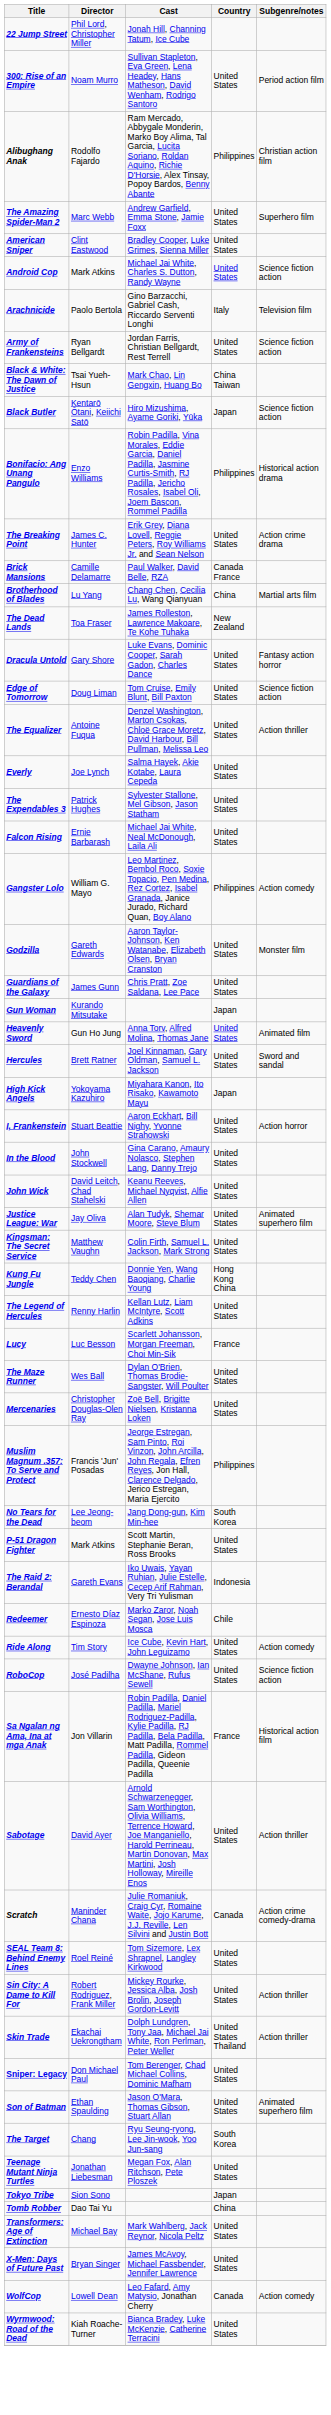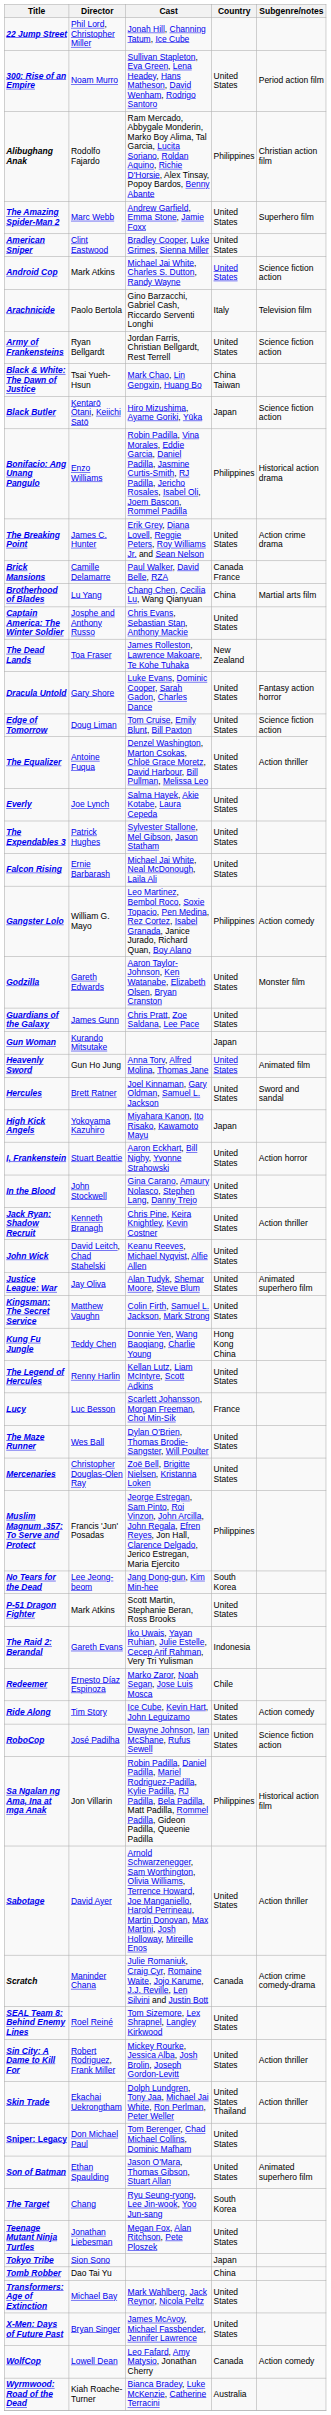 <table class="wikitable sortable">
 <tr>
 <th>Title</th>
 <th>Director</th>
 <th>Cast</th>
 <th>Country</th>
 <th>Subgenre/notes</th>
 </tr>
 <tr>
 <td><strong><em><a href='#'>22 Jump Street</a></em></strong></td>
 <td><a href='#'>Phil Lord</a>, <a href='#'>Christopher Miller</a></td>
 <td><a href='#'>Jonah Hill</a>, <a href='#'>Channing Tatum</a>, <a href='#'>Ice Cube</a></td>
 <td></td>
 <td></td>
 </tr>
 <tr>
 <td><strong><em><a href='#'>300: Rise of an Empire</a></em></strong></td>
 <td><a href='#'>Noam Murro</a></td>
 <td><a href='#'>Sullivan Stapleton</a>, <a href='#'>Eva Green</a>, <a href='#'>Lena Headey</a>, <a href='#'>Hans Matheson</a>, <a href='#'>David Wenham</a>, <a href='#'>Rodrigo Santoro</a></td>
 <td>United States</td>
 <td>Period action film</td>
 </tr>
 <tr>
 <td><strong><em>Alibughang Anak</em></strong></td>
 <td>Rodolfo Fajardo</td>
 <td>Ram Mercado, Abbygale Monderin, Marko Boy Alima, Tal Garcia, <a href='#'>Lucita Soriano</a>, <a href='#'>Roldan Aquino</a>, <a href='#'>Richie D'Horsie</a>, Alex Tinsay, Popoy Bardos, <a href='#'>Benny Abante</a></td>
 <td>Philippines</td>
 <td>Christian action film</td>
 </tr>
 <tr>
 <td><strong><em><a href='#'>The Amazing Spider-Man 2</a></em></strong></td>
 <td><a href='#'>Marc Webb</a></td>
 <td><a href='#'>Andrew Garfield</a>, <a href='#'>Emma Stone</a>, <a href='#'>Jamie Foxx</a></td>
 <td>United States</td>
 <td>Superhero film</td>
 </tr>
 <tr>
 <td><strong><em><a href='#'>American Sniper</a></em></strong></td>
 <td><a href='#'>Clint Eastwood</a></td>
 <td><a href='#'>Bradley Cooper</a>, <a href='#'>Luke Grimes</a>, <a href='#'>Sienna Miller</a></td>
 <td>United States</td>
 <td></td>
 </tr>
 <tr>
 <td><strong><em><a href='#'>Android Cop</a></em></strong></td>
 <td>Mark Atkins</td>
 <td><a href='#'>Michael Jai White</a>, <a href='#'>Charles S. Dutton</a>, <a href='#'>Randy Wayne</a></td>
 <td><a href='#'>United States</a></td>
 <td>Science fiction action</td>
 </tr>
 <tr>
 <td><strong><em><a href='#'>Arachnicide</a></em></strong></td>
 <td>Paolo Bertola</td>
 <td>Gino Barzacchi, Gabriel Cash, Riccardo Serventi Longhi</td>
 <td>Italy</td>
 <td>Television film</td>
 </tr>
 <tr>
 <td><strong><em><a href='#'>Army of Frankensteins</a></em></strong></td>
 <td>Ryan Bellgardt</td>
 <td>Jordan Farris, Christian Bellgardt, Rest Terrell</td>
 <td>United States</td>
 <td>Science fiction action</td>
 </tr>
 <tr>
 <td><strong><em><a href='#'>Black & White: The Dawn of Justice</a></em></strong></td>
 <td>Tsai Yueh-Hsun</td>
 <td><a href='#'>Mark Chao</a>, <a href='#'>Lin Gengxin</a>, <a href='#'>Huang Bo</a></td>
 <td>China<br>Taiwan</td>
 <td></td>
 </tr>
 <tr>
 <td><strong><em><a href='#'>Black Butler</a></em></strong></td>
 <td><a href='#'>Kentarō Ōtani</a>, <a href='#'>Keiichi Satō</a></td>
 <td><a href='#'>Hiro Mizushima</a>, <a href='#'>Ayame Goriki</a>, <a href='#'>Yūka</a></td>
 <td>Japan</td>
 <td>Science fiction action</td>
 </tr>
 <tr>
 <td><strong><em><a href='#'>Bonifacio: Ang Unang Pangulo</a></em></strong></td>
 <td><a href='#'>Enzo Williams</a></td>
 <td><a href='#'>Robin Padilla</a>, <a href='#'>Vina Morales</a>, <a href='#'>Eddie Garcia</a>, <a href='#'>Daniel Padilla</a>, <a href='#'>Jasmine Curtis-Smith</a>, <a href='#'>RJ Padilla</a>, <a href='#'>Jericho Rosales</a>, <a href='#'>Isabel Oli</a>, <a href='#'>Joem Bascon</a>, <a href='#'>Rommel Padilla</a></td>
 <td>Philippines</td>
 <td>Historical action drama</td>
 </tr>
 <tr>
 <td><strong><em><a href='#'>The Breaking Point</a></em></strong></td>
 <td><a href='#'>James C. Hunter</a></td>
 <td><a href='#'>Erik Grey</a>, <a href='#'>Diana Lovell</a>, <a href='#'>Reggie Peters</a>, <a href='#'>Roy Williams Jr.</a> and <a href='#'>Sean Nelson</a></td>
 <td>United States</td>
 <td>Action crime drama</td>
 </tr>
 <tr>
 <td><strong><em><a href='#'>Brick Mansions</a></em></strong></td>
 <td><a href='#'>Camille Delamarre</a></td>
 <td><a href='#'>Paul Walker</a>, <a href='#'>David Belle</a>, <a href='#'>RZA</a></td>
 <td>Canada<br>France</td>
 <td></td>
 </tr>
 <tr>
 <td><strong><em><a href='#'>Brotherhood of Blades</a></em></strong></td>
 <td><a href='#'>Lu Yang</a></td>
 <td><a href='#'>Chang Chen</a>, <a href='#'>Cecilia Lu</a>, Wang Qianyuan</td>
 <td>China</td>
 <td>Martial arts film</td>
+</tr>
+<tr>
+<td><strong><em><a href='#'>Captain America: The Winter Soldier</a></em></strong></td>
+<td><a href='#'>Josphe and Anthony Russo</a></td>
+<td><a href='#'>Chris Evans</a>, <a href='#'>Sebastian Stan</a>, <a href='#'>Anthony Mackie</a></td>
+<td>United States</td>
+<td></td>
 </tr>
 <tr>
 <td><strong><em><a href='#'>The Dead Lands</a></em></strong></td>
 <td><a href='#'>Toa Fraser</a></td>
 <td><a href='#'>James Rolleston</a>, <a href='#'>Lawrence Makoare</a>, <a href='#'>Te Kohe Tuhaka</a></td>
 <td>New Zealand</td>
 <td></td>
 </tr>
 <tr>
 <td><strong><em><a href='#'>Dracula Untold</a></em></strong></td>
 <td><a href='#'>Gary Shore</a></td>
 <td><a href='#'>Luke Evans</a>, <a href='#'>Dominic Cooper</a>, <a href='#'>Sarah Gadon</a>, <a href='#'>Charles Dance</a></td>
 <td>United States</td>
 <td>Fantasy action horror</td>
 </tr>
 <tr>
 <td><strong><em><a href='#'>Edge of Tomorrow</a></em></strong></td>
 <td><a href='#'>Doug Liman</a></td>
 <td><a href='#'>Tom Cruise</a>, <a href='#'>Emily Blunt</a>, <a href='#'>Bill Paxton</a></td>
 <td>United States</td>
 <td>Science fiction action</td>
 </tr>
 <tr>
 <td><strong><em><a href='#'>The Equalizer</a></em></strong></td>
 <td><a href='#'>Antoine Fuqua</a></td>
 <td><a href='#'>Denzel Washington</a>, <a href='#'>Marton Csokas</a>, <a href='#'>Chloë Grace Moretz</a>, <a href='#'>David Harbour</a>, <a href='#'>Bill Pullman</a>, <a href='#'>Melissa Leo</a></td>
 <td>United States</td>
 <td>Action thriller</td>
 </tr>
 <tr>
 <td><strong><em><a href='#'>Everly</a></em></strong></td>
 <td><a href='#'>Joe Lynch</a></td>
 <td><a href='#'>Salma Hayek</a>, <a href='#'>Akie Kotabe</a>, <a href='#'>Laura Cepeda</a></td>
 <td>United States</td>
 <td></td>
 </tr>
 <tr>
 <td><strong><em><a href='#'>The Expendables 3</a></em></strong></td>
 <td><a href='#'>Patrick Hughes</a></td>
 <td><a href='#'>Sylvester Stallone</a>, <a href='#'>Mel Gibson</a>, <a href='#'>Jason Statham</a></td>
 <td>United States</td>
 <td></td>
 </tr>
 <tr>
 <td><strong><em><a href='#'>Falcon Rising</a></em></strong></td>
 <td><a href='#'>Ernie Barbarash</a></td>
 <td><a href='#'>Michael Jai White</a>, <a href='#'>Neal McDonough</a>, <a href='#'>Laila Ali</a></td>
 <td>United States</td>
 <td></td>
 </tr>
 <tr>
 <td><strong><em><a href='#'>Gangster Lolo</a></em></strong></td>
 <td>William G. Mayo</td>
 <td><a href='#'>Leo Martinez</a>, <a href='#'>Bembol Roco</a>, <a href='#'>Soxie Topacio</a>, <a href='#'>Pen Medina</a>, <a href='#'>Rez Cortez</a>, <a href='#'>Isabel Granada</a>, Janice Jurado, Richard Quan, <a href='#'>Boy Alano</a></td>
 <td>Philippines</td>
 <td>Action comedy</td>
 </tr>
 <tr>
 <td><strong><em><a href='#'>Godzilla</a></em></strong></td>
 <td><a href='#'>Gareth Edwards</a></td>
 <td><a href='#'>Aaron Taylor-Johnson</a>, <a href='#'>Ken Watanabe</a>, <a href='#'>Elizabeth Olsen</a>, <a href='#'>Bryan Cranston</a></td>
 <td>United States</td>
 <td>Monster film</td>
 </tr>
 <tr>
 <td><strong><em><a href='#'>Guardians of the Galaxy</a></em></strong></td>
 <td><a href='#'>James Gunn</a></td>
 <td><a href='#'>Chris Pratt</a>, <a href='#'>Zoe Saldana</a>, <a href='#'>Lee Pace</a></td>
 <td>United States</td>
 <td></td>
 </tr>
 <tr>
 <td><strong><em><a href='#'>Gun Woman</a></em></strong></td>
 <td><a href='#'>Kurando Mitsutake</a></td>
 <td></td>
 <td>Japan</td>
 <td></td>
 </tr>
 <tr>
 <td><strong><em><a href='#'>Heavenly Sword</a></em></strong></td>
 <td>Gun Ho Jung</td>
 <td><a href='#'>Anna Torv</a>, <a href='#'>Alfred Molina</a>, <a href='#'>Thomas Jane</a></td>
 <td><a href='#'>United States</a></td>
 <td>Animated film</td>
 </tr>
 <tr>
 <td><strong><em><a href='#'>Hercules</a></em></strong></td>
 <td><a href='#'>Brett Ratner</a></td>
 <td><a href='#'>Joel Kinnaman</a>, <a href='#'>Gary Oldman</a>, <a href='#'>Samuel L. Jackson</a></td>
 <td>United States</td>
 <td>Sword and sandal</td>
 </tr>
 <tr>
 <td><strong><em><a href='#'>High Kick Angels</a></em></strong></td>
 <td><a href='#'>Yokoyama Kazuhiro</a></td>
 <td><a href='#'>Miyahara Kanon</a>, <a href='#'>Ito Risako</a>, <a href='#'>Kawamoto Mayu</a></td>
 <td>Japan</td>
 <td></td>
 </tr>
 <tr>
 <td><strong><em><a href='#'>I, Frankenstein</a></em></strong></td>
 <td><a href='#'>Stuart Beattie</a></td>
 <td><a href='#'>Aaron Eckhart</a>, <a href='#'>Bill Nighy</a>, <a href='#'>Yvonne Strahowski</a></td>
 <td>United States</td>
 <td>Action horror</td>
 </tr>
 <tr>
 <td><strong><em><a href='#'>In the Blood</a></em></strong></td>
 <td><a href='#'>John Stockwell</a></td>
 <td><a href='#'>Gina Carano</a>, <a href='#'>Amaury Nolasco</a>, <a href='#'>Stephen Lang</a>, <a href='#'>Danny Trejo</a></td>
 <td>United States</td>
 <td></td>
 </tr>
 <tr>
+<td><strong><em><a href='#'>Jack Ryan: Shadow Recruit</a></em></strong></td>
+<td><a href='#'>Kenneth Branagh</a></td>
+<td><a href='#'>Chris Pine</a>, <a href='#'>Keira Knightley</a>, <a href='#'>Kevin Costner</a></td>
+<td>United States</td>
+<td>Action thriller</td>
+</tr>
+<tr>
 <td><strong><em><a href='#'>John Wick</a></em></strong></td>
 <td><a href='#'>David Leitch</a>, <a href='#'>Chad Stahelski</a></td>
 <td><a href='#'>Keanu Reeves</a>, <a href='#'>Michael Nyqvist</a>, <a href='#'>Alfie Allen</a></td>
 <td>United States</td>
 <td></td>
 </tr>
 <tr>
 <td><strong><em><a href='#'>Justice League: War</a></em></strong></td>
 <td><a href='#'>Jay Oliva</a></td>
 <td><a href='#'>Alan Tudyk</a>, <a href='#'>Shemar Moore</a>, <a href='#'>Steve Blum</a></td>
 <td>United States</td>
 <td>Animated superhero film</td>
 </tr>
 <tr>
 <td><strong><em><a href='#'>Kingsman: The Secret Service</a></em></strong></td>
 <td><a href='#'>Matthew Vaughn</a></td>
 <td><a href='#'>Colin Firth</a>, <a href='#'>Samuel L. Jackson</a>, <a href='#'>Mark Strong</a></td>
 <td>United States</td>
 <td></td>
 </tr>
 <tr>
 <td><strong><em><a href='#'>Kung Fu Jungle</a></em></strong></td>
 <td><a href='#'>Teddy Chen</a></td>
 <td><a href='#'>Donnie Yen</a>, <a href='#'>Wang Baoqiang</a>, <a href='#'>Charlie Young</a></td>
 <td>Hong Kong<br>China</td>
 <td></td>
 </tr>
 <tr>
 <td><strong><em><a href='#'>The Legend of Hercules</a></em></strong></td>
 <td><a href='#'>Renny Harlin</a></td>
 <td><a href='#'>Kellan Lutz</a>, <a href='#'>Liam McIntyre</a>, <a href='#'>Scott Adkins</a></td>
 <td>United States</td>
 <td></td>
 </tr>
 <tr>
 <td><strong><em><a href='#'>Lucy</a></em></strong></td>
 <td><a href='#'>Luc Besson</a></td>
 <td><a href='#'>Scarlett Johansson</a>, <a href='#'>Morgan Freeman</a>, <a href='#'>Choi Min-Sik</a></td>
 <td>France</td>
 <td></td>
 </tr>
 <tr>
 <td><strong><em><a href='#'>The Maze Runner</a></em></strong></td>
 <td><a href='#'>Wes Ball</a></td>
 <td><a href='#'>Dylan O'Brien</a>, <a href='#'>Thomas Brodie-Sangster</a>, <a href='#'>Will Poulter</a></td>
 <td>United States</td>
 <td></td>
 </tr>
 <tr>
 <td><strong><em><a href='#'>Mercenaries</a></em></strong></td>
 <td><a href='#'>Christopher Douglas-Olen Ray</a></td>
 <td><a href='#'>Zoë Bell</a>, <a href='#'>Brigitte Nielsen</a>, <a href='#'>Kristanna Loken</a></td>
 <td>United States</td>
 <td></td>
 </tr>
 <tr>
 <td><strong><em><a href='#'>Muslim Magnum .357: To Serve and Protect</a></em></strong></td>
 <td>Francis 'Jun' Posadas</td>
 <td><a href='#'>Jeorge Estregan</a>, <a href='#'>Sam Pinto</a>, <a href='#'>Roi Vinzon</a>, <a href='#'>John Arcilla</a>, <a href='#'>John Regala</a>, <a href='#'>Efren Reyes</a>, Jon Hall, <a href='#'>Clarence Delgado</a>, Jerico Estregan, Maria Ejercito</td>
 <td>Philippines</td>
 <td></td>
 </tr>
 <tr>
 <td><strong><em><a href='#'>No Tears for the Dead</a></em></strong></td>
 <td><a href='#'>Lee Jeong-beom</a></td>
 <td><a href='#'>Jang Dong-gun</a>, <a href='#'>Kim Min-hee</a></td>
 <td>South Korea</td>
 <td></td>
 </tr>
 <tr>
 <td><strong><em><a href='#'>P-51 Dragon Fighter</a></em></strong></td>
 <td>Mark Atkins</td>
 <td>Scott Martin, Stephanie Beran, Ross Brooks</td>
 <td>United States</td>
 <td></td>
 </tr>
 <tr>
 <td><strong><em><a href='#'>The Raid 2: Berandal</a></em></strong></td>
 <td><a href='#'>Gareth Evans</a></td>
 <td><a href='#'>Iko Uwais</a>, <a href='#'>Yayan Ruhian</a>, <a href='#'>Julie Estelle</a>,<br><a href='#'>Cecep Arif Rahman</a>, Very Tri Yulisman</td>
 <td>Indonesia</td>
 <td></td>
 </tr>
 <tr>
 <td><strong><em><a href='#'>Redeemer</a></em></strong></td>
 <td><a href='#'>Ernesto Díaz Espinoza</a></td>
 <td><a href='#'>Marko Zaror</a>, <a href='#'>Noah Segan</a>, <a href='#'>Jose Luis Mosca</a></td>
 <td>Chile</td>
 <td></td>
 </tr>
 <tr>
 <td><strong><em><a href='#'>Ride Along</a></em></strong></td>
 <td><a href='#'>Tim Story</a></td>
 <td><a href='#'>Ice Cube</a>, <a href='#'>Kevin Hart</a>, <a href='#'>John Leguizamo</a></td>
 <td>United States</td>
 <td>Action comedy</td>
 </tr>
 <tr>
 <td><strong><em><a href='#'>RoboCop</a></em></strong></td>
 <td><a href='#'>José Padilha</a></td>
 <td><a href='#'>Dwayne Johnson</a>, <a href='#'>Ian McShane</a>, <a href='#'>Rufus Sewell</a></td>
 <td>United States</td>
 <td>Science fiction action</td>
 </tr>
 <tr>
 <td><strong><em><a href='#'>Sa Ngalan ng Ama, Ina at mga Anak</a></em></strong></td>
 <td>Jon Villarin</td>
 <td><a href='#'>Robin Padilla</a>, <a href='#'>Daniel Padilla</a>, <a href='#'>Mariel Rodriguez-Padilla</a>, <a href='#'>Kylie Padilla</a>, <a href='#'>RJ Padilla</a>, <a href='#'>Bela Padilla</a>, Matt Padilla, <a href='#'>Rommel Padilla</a>, Gideon Padilla, Queenie Padilla</td>
-<td>France</td>
+<td>Philippines</td>
 <td>Historical action film</td>
 </tr>
 <tr>
 <td><strong><em><a href='#'>Sabotage</a></em></strong></td>
 <td><a href='#'>David Ayer</a></td>
 <td><a href='#'>Arnold Schwarzenegger</a>, <a href='#'>Sam Worthington</a>, <a href='#'>Olivia Williams</a>, <a href='#'>Terrence Howard</a>, <a href='#'>Joe Manganiello</a>, <a href='#'>Harold Perrineau</a>, <a href='#'>Martin Donovan</a>, <a href='#'>Max Martini</a>, <a href='#'>Josh Holloway</a>, <a href='#'>Mireille Enos</a></td>
 <td>United States</td>
 <td>Action thriller</td>
 </tr>
 <tr>
 <td><strong><em>Scratch</em></strong></td>
 <td><a href='#'>Maninder Chana</a></td>
 <td><a href='#'>Julie Romaniuk</a>, <a href='#'>Craig Cyr</a>, <a href='#'>Romaine Waite</a>, <a href='#'>Jojo Karume</a>, <a href='#'>J.J. Reville</a>, <a href='#'>Len Silvini</a> and <a href='#'>Justin Bott</a></td>
 <td>Canada</td>
 <td>Action crime comedy-drama</td>
 </tr>
 <tr>
 <td><strong><em><a href='#'>SEAL Team 8: Behind Enemy Lines</a></em></strong></td>
 <td><a href='#'>Roel Reiné</a></td>
 <td><a href='#'>Tom Sizemore</a>, <a href='#'>Lex Shrapnel</a>, <a href='#'>Langley Kirkwood</a></td>
 <td>United States</td>
 <td></td>
 </tr>
 <tr>
 <td><strong><em><a href='#'>Sin City: A Dame to Kill For</a></em></strong></td>
 <td><a href='#'>Robert Rodriguez</a>, <a href='#'>Frank Miller</a></td>
 <td><a href='#'>Mickey Rourke</a>, <a href='#'>Jessica Alba</a>, <a href='#'>Josh Brolin</a>, <a href='#'>Joseph Gordon-Levitt</a></td>
 <td>United States</td>
 <td>Action thriller</td>
 </tr>
 <tr>
 <td><strong><em><a href='#'>Skin Trade</a></em></strong></td>
 <td><a href='#'>Ekachai Uekrongtham</a></td>
 <td><a href='#'>Dolph Lundgren</a>, <a href='#'>Tony Jaa</a>, <a href='#'>Michael Jai White</a>, <a href='#'>Ron Perlman</a>, <a href='#'>Peter Weller</a></td>
 <td>United States<br>Thailand</td>
 <td>Action thriller</td>
 </tr>
 <tr>
 <td><strong><a href='#'>Sniper: Legacy</a></strong></td>
 <td><a href='#'>Don Michael Paul</a></td>
 <td><a href='#'>Tom Berenger</a>, <a href='#'>Chad Michael Collins</a>, <a href='#'>Dominic Mafham</a></td>
 <td>United States</td>
 <td></td>
 </tr>
 <tr>
 <td><strong><em><a href='#'>Son of Batman</a></em></strong></td>
 <td><a href='#'>Ethan Spaulding</a></td>
 <td><a href='#'>Jason O'Mara</a>, <a href='#'>Thomas Gibson</a>, <a href='#'>Stuart Allan</a></td>
 <td>United States</td>
 <td>Animated superhero film</td>
 </tr>
 <tr>
 <td><strong><em><a href='#'>The Target</a></em></strong></td>
 <td><a href='#'>Chang</a></td>
 <td><a href='#'>Ryu Seung-ryong</a>, <a href='#'>Lee Jin-wook</a>, <a href='#'>Yoo Jun-sang</a></td>
 <td>South Korea</td>
 <td></td>
 </tr>
 <tr>
 <td><strong><em><a href='#'>Teenage Mutant Ninja Turtles</a></em></strong></td>
 <td><a href='#'>Jonathan Liebesman</a></td>
 <td><a href='#'>Megan Fox</a>, <a href='#'>Alan Ritchson</a>, <a href='#'>Pete Ploszek</a></td>
 <td>United States</td>
 <td></td>
 </tr>
 <tr>
 <td><strong><em><a href='#'>Tokyo Tribe</a></em></strong></td>
 <td><a href='#'>Sion Sono</a></td>
 <td></td>
 <td>Japan</td>
 <td></td>
 </tr>
 <tr>
 <td><strong><em><a href='#'>Tomb Robber</a></em></strong></td>
 <td>Dao Tai Yu</td>
 <td></td>
 <td>China</td>
 <td></td>
 </tr>
 <tr>
 <td><strong><em><a href='#'>Transformers: Age of Extinction</a></em></strong></td>
 <td><a href='#'>Michael Bay</a></td>
 <td><a href='#'>Mark Wahlberg</a>, <a href='#'>Jack Reynor</a>, <a href='#'>Nicola Peltz</a></td>
 <td>United States</td>
 <td></td>
 </tr>
 <tr>
 <td><strong><em><a href='#'>X-Men: Days of Future Past</a></em></strong></td>
 <td><a href='#'>Bryan Singer</a></td>
 <td><a href='#'>James McAvoy</a>, <a href='#'>Michael Fassbender</a>, <a href='#'>Jennifer Lawrence</a></td>
 <td>United States</td>
 <td></td>
 </tr>
 <tr>
 <td><strong><em><a href='#'>WolfCop</a></em></strong></td>
 <td><a href='#'>Lowell Dean</a></td>
 <td><a href='#'>Leo Fafard</a>, <a href='#'>Amy Matysio</a>, Jonathan Cherry</td>
 <td>Canada</td>
 <td>Action comedy</td>
 </tr>
 <tr>
 <td><strong><em><a href='#'>Wyrmwood: Road of the Dead</a></em></strong></td>
 <td>Kiah Roache-Turner</td>
 <td><a href='#'>Bianca Bradey</a>, <a href='#'>Luke McKenzie</a>, <a href='#'>Catherine Terracini</a></td>
-<td>United States</td>
+<td>Australia</td>
 <td></td>
 </tr>
 <tr>
 </tr>
 </table>
